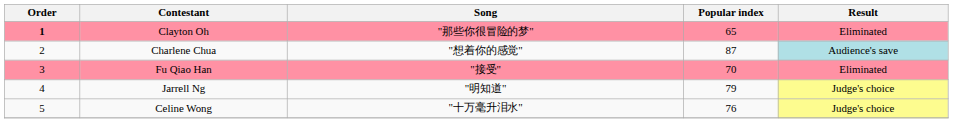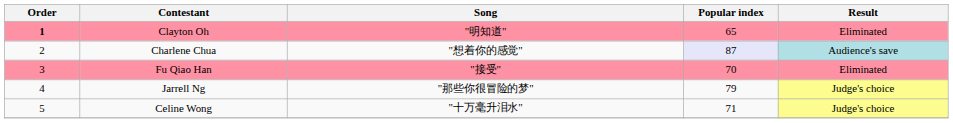 <table class="wikitable" style="text-align:center; width:70%;">
 <tr>
 <th scope="col" style="width:4%;">Order</th>
 <th scope="col" style="width:11%;">Contestant</th>
 <th scope="col" style="width:21%;">Song</th>
 <th scope="col" style="width:5%;">Popular index</th>
 <th scope="col" style="width:9%;">Result</th>
 </tr>
 <tr style="background:#FF91A4;">
 <td><strong>1</strong></td>
 <td>Clayton Oh</td>
-<td>"那些你很冒险的梦"</td>
+<td>"明知道"</td>
 <td>65</td>
 <td>Eliminated</td>
 </tr>
 <tr>
 <td>2</td>
 <td>Charlene Chua</td>
 <td>"想着你的感觉"</td>
-<td>87</td>
+<td style="background: lavender;">87</td>
 <td style="background:#B0E0E6;">Audience's save</td>
 </tr>
 <tr style="background:#FF91A4;">
 <td>3</td>
 <td>Fu Qiao Han</td>
 <td>"接受"</td>
 <td>70</td>
 <td style="background:#FF91A4;">Eliminated</td>
 </tr>
 <tr>
 <td>4</td>
 <td>Jarrell Ng</td>
-<td>"明知道"</td>
+<td>"那些你很冒险的梦"</td>
 <td>79</td>
 <td style="background:#fdfc8f;">Judge's choice</td>
 </tr>
 <tr>
 <td>5</td>
 <td>Celine Wong</td>
 <td>"十万毫升泪水"</td>
-<td>76</td>
+<td>71</td>
 <td style="background:#fdfc8f;">Judge's choice</td>
 </tr>
 <tr>
 </tr>
 </table>
